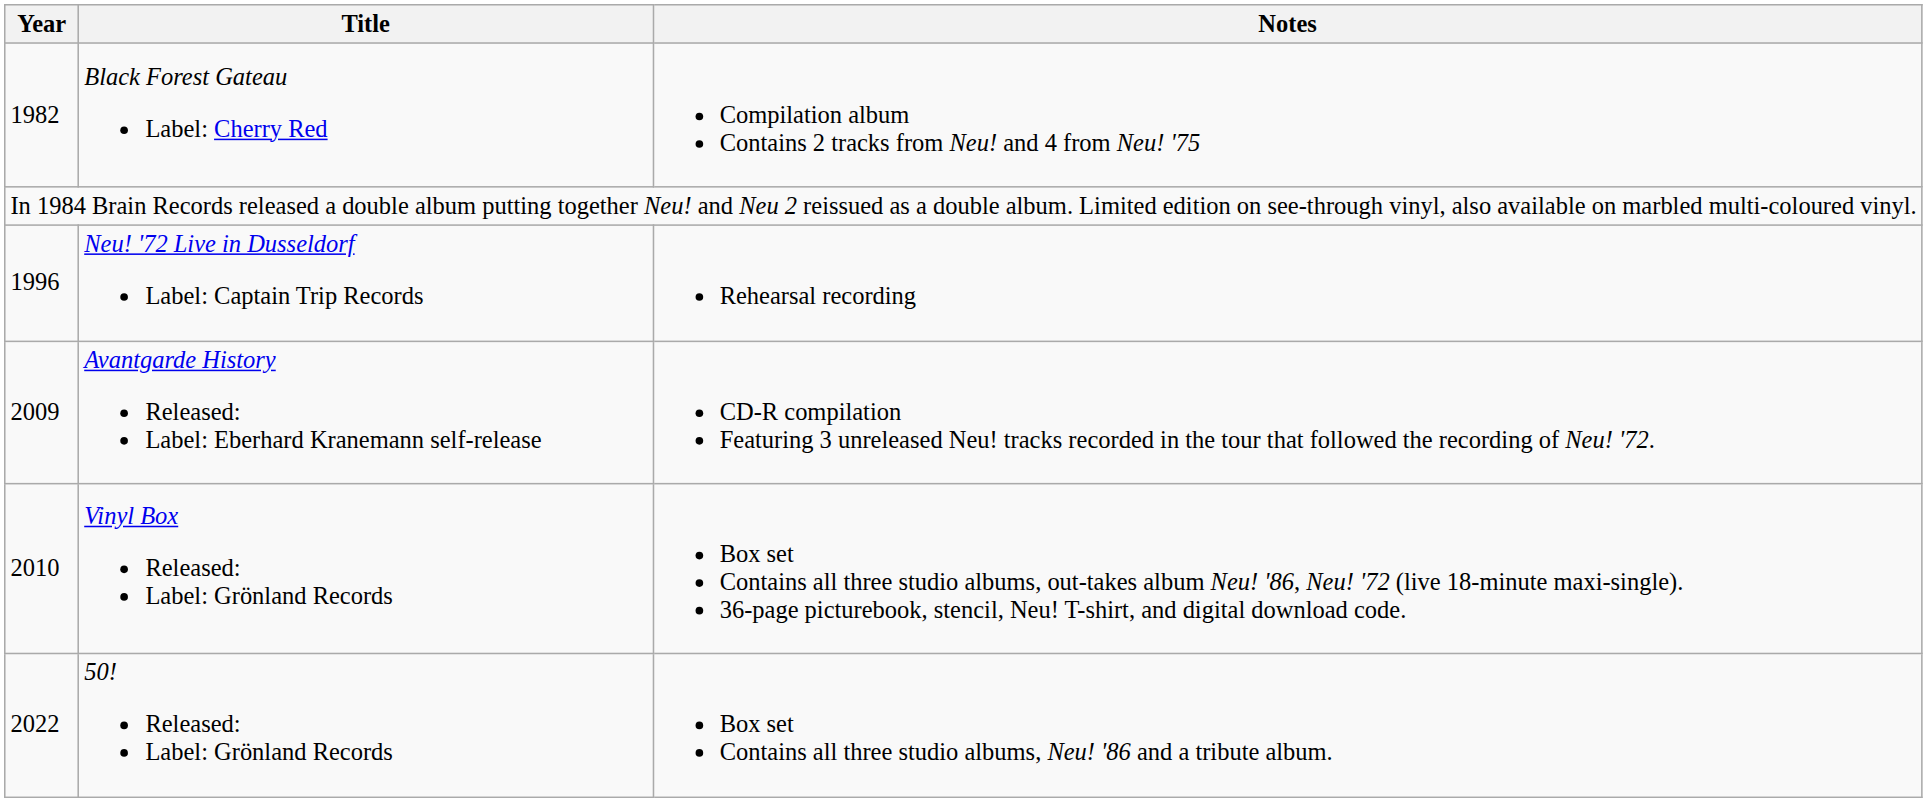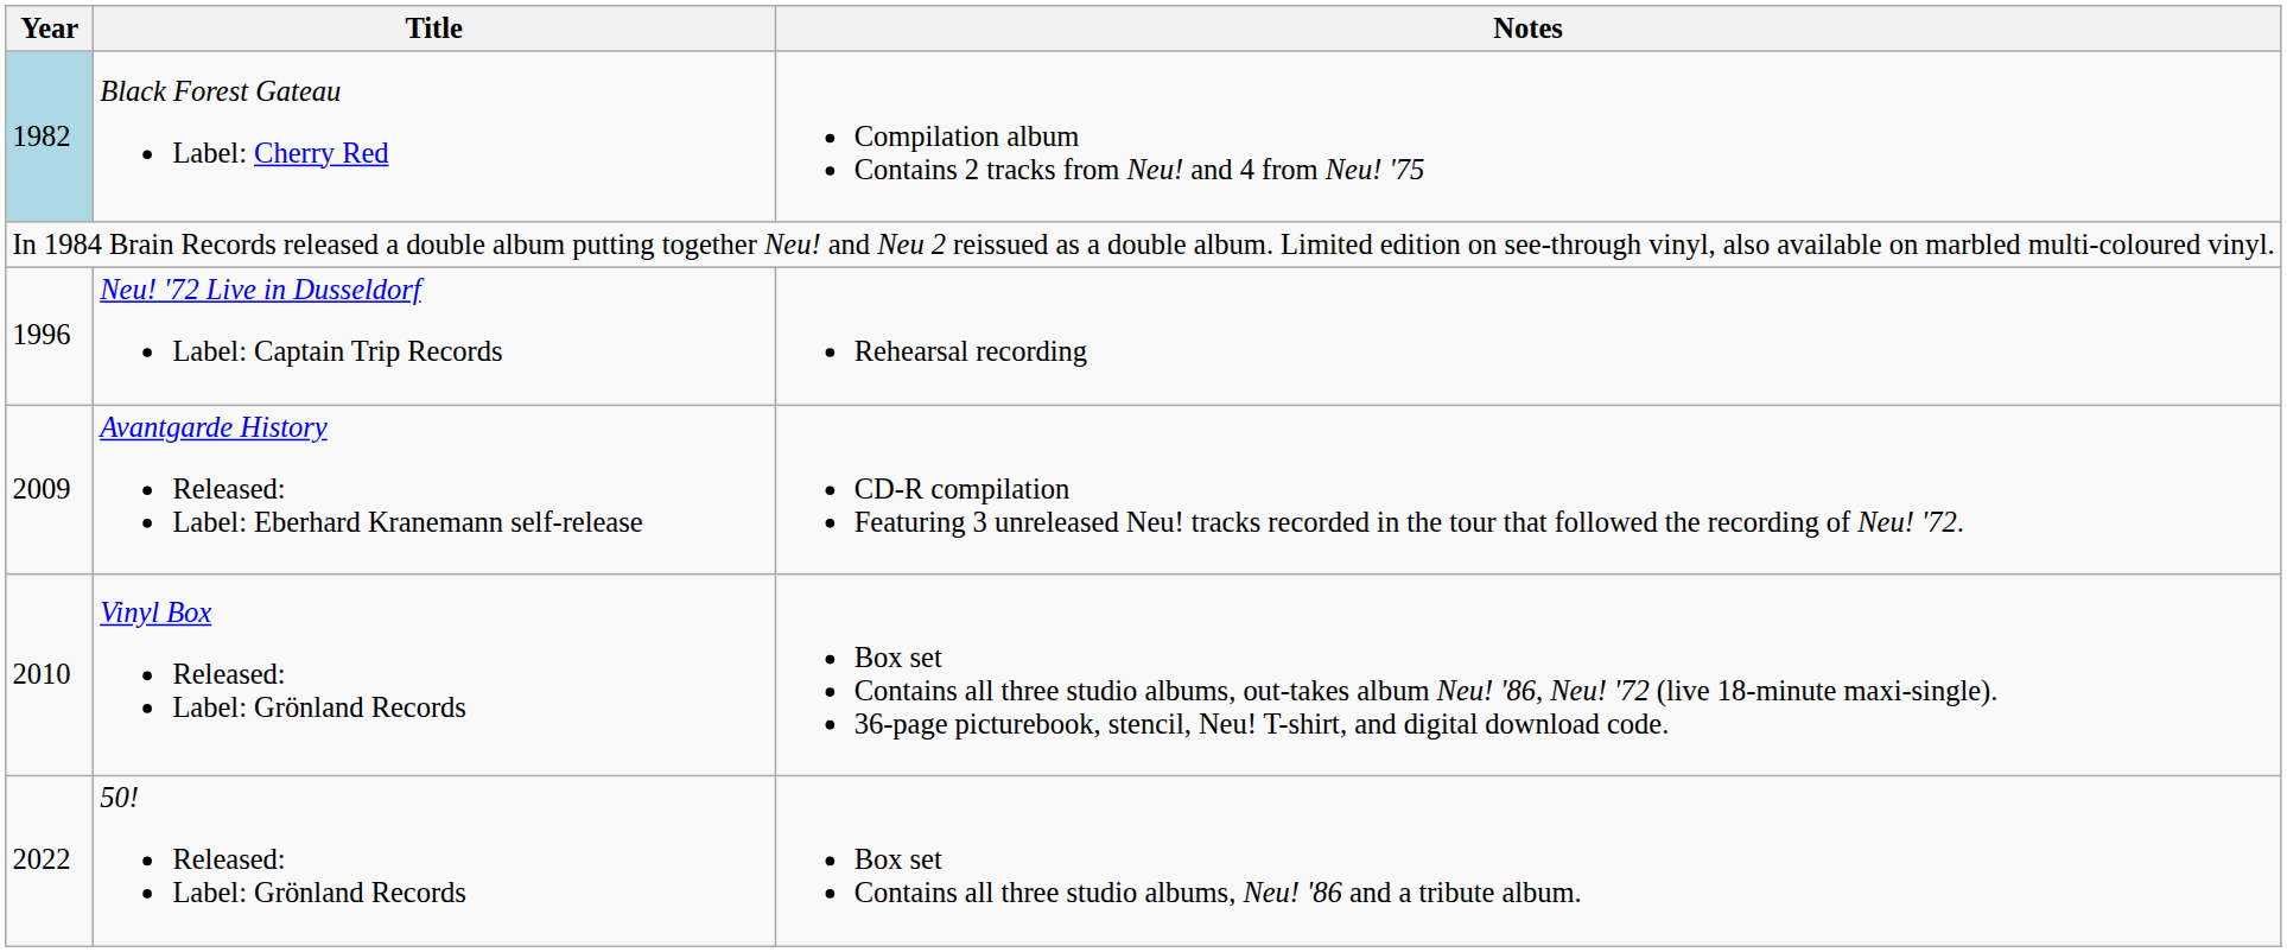 <table class="wikitable">
 <tr>
 <th>Year</th>
 <th>Title</th>
 <th>Notes</th>
 </tr>
 <tr>
-<td>1982</td>
+<td style="background: lightblue;">1982</td>
 <td><em>Black Forest Gateau</em><br><ul><li>Label: <a href='#'>Cherry Red</a></li></ul></td>
 <td><br><ul><li>Compilation album</li><li>Contains 2 tracks from <em>Neu!</em> and 4 from <em>Neu! '75</em></li></ul></td>
 </tr>
 <tr>
 <td colspan="3">In 1984 Brain Records released a double album putting together <em>Neu!</em> and <em>Neu 2</em> reissued as a double album. Limited edition on see-through vinyl, also available on marbled multi-coloured vinyl.</td>
 </tr>
 <tr>
 <td>1996</td>
 <td><em><a href='#'>Neu! '72 Live in Dusseldorf</a></em><br><ul><li>Label: Captain Trip Records</li></ul></td>
 <td><br><ul><li>Rehearsal recording</li></ul></td>
 </tr>
 <tr>
 <td>2009</td>
 <td><em><a href='#'>Avantgarde History</a></em><br><ul><li>Released: </li><li>Label: Eberhard Kranemann self-release</li></ul></td>
 <td><br><ul><li>CD-R compilation</li><li>Featuring 3 unreleased Neu! tracks recorded in the tour that followed the recording of <em>Neu! '72</em>.</li></ul></td>
 </tr>
 <tr>
 <td>2010</td>
 <td><em><a href='#'>Vinyl Box</a></em><br><ul><li>Released: </li><li>Label: Grönland Records</li></ul></td>
 <td><br><ul><li>Box set</li><li>Contains all three studio albums, out-takes album <em>Neu! '86</em>, <em>Neu! '72</em> (live 18-minute maxi-single).</li><li>36-page picturebook, stencil, Neu! T-shirt, and digital download code.</li></ul></td>
 </tr>
 <tr>
 <td>2022</td>
 <td><em>50!</em><br><ul><li>Released: </li><li>Label: Grönland Records</li></ul></td>
 <td><br><ul><li>Box set</li><li>Contains all three studio albums, <em>Neu! '86</em> and a tribute album.</li></ul></td>
 </tr>
 </table>
